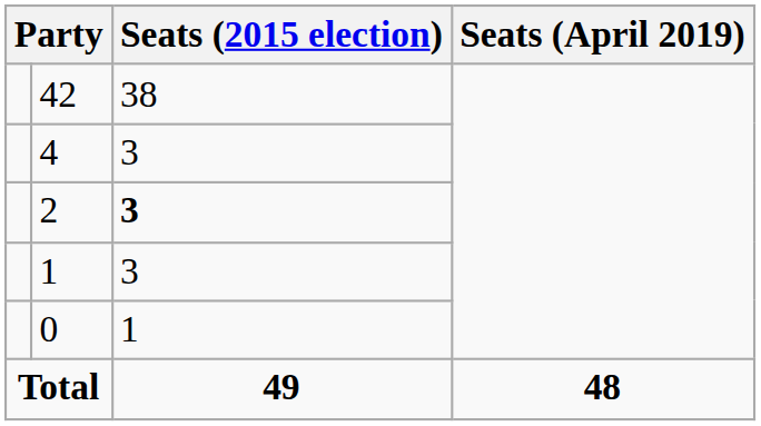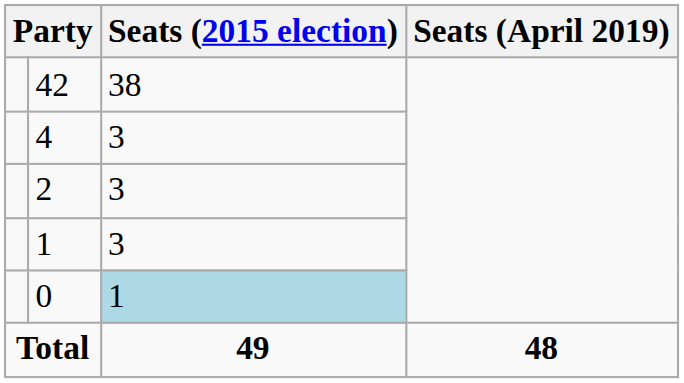 <table class="wikitable">
 <tr>
 <th colspan=2>Party</th>
 <th>Seats (<a href='#'>2015 election</a>)</th>
 <th>Seats (April 2019)</th>
 </tr>
 <tr>
 <td></td>
 <td>42</td>
 <td>38</td>
 </tr>
 <tr>
 <td></td>
 <td>4</td>
 <td>3</td>
 </tr>
 <tr>
 <td></td>
 <td>2</td>
-<td><strong>3</strong></td>
+<td>3</td>
 </tr>
 <tr>
 <td></td>
 <td>1</td>
 <td>3</td>
 </tr>
 <tr>
 <td></td>
 <td>0</td>
-<td>1</td>
+<td style="background: lightblue;">1</td>
 </tr>
 <tr>
 <td colspan="2" align="center"><strong>Total</strong></td>
 <td colspan="1" align="center"><strong>49</strong></td>
 <td colspan="1" align="center"><strong>48</strong></td>
 </tr>
 </table>
